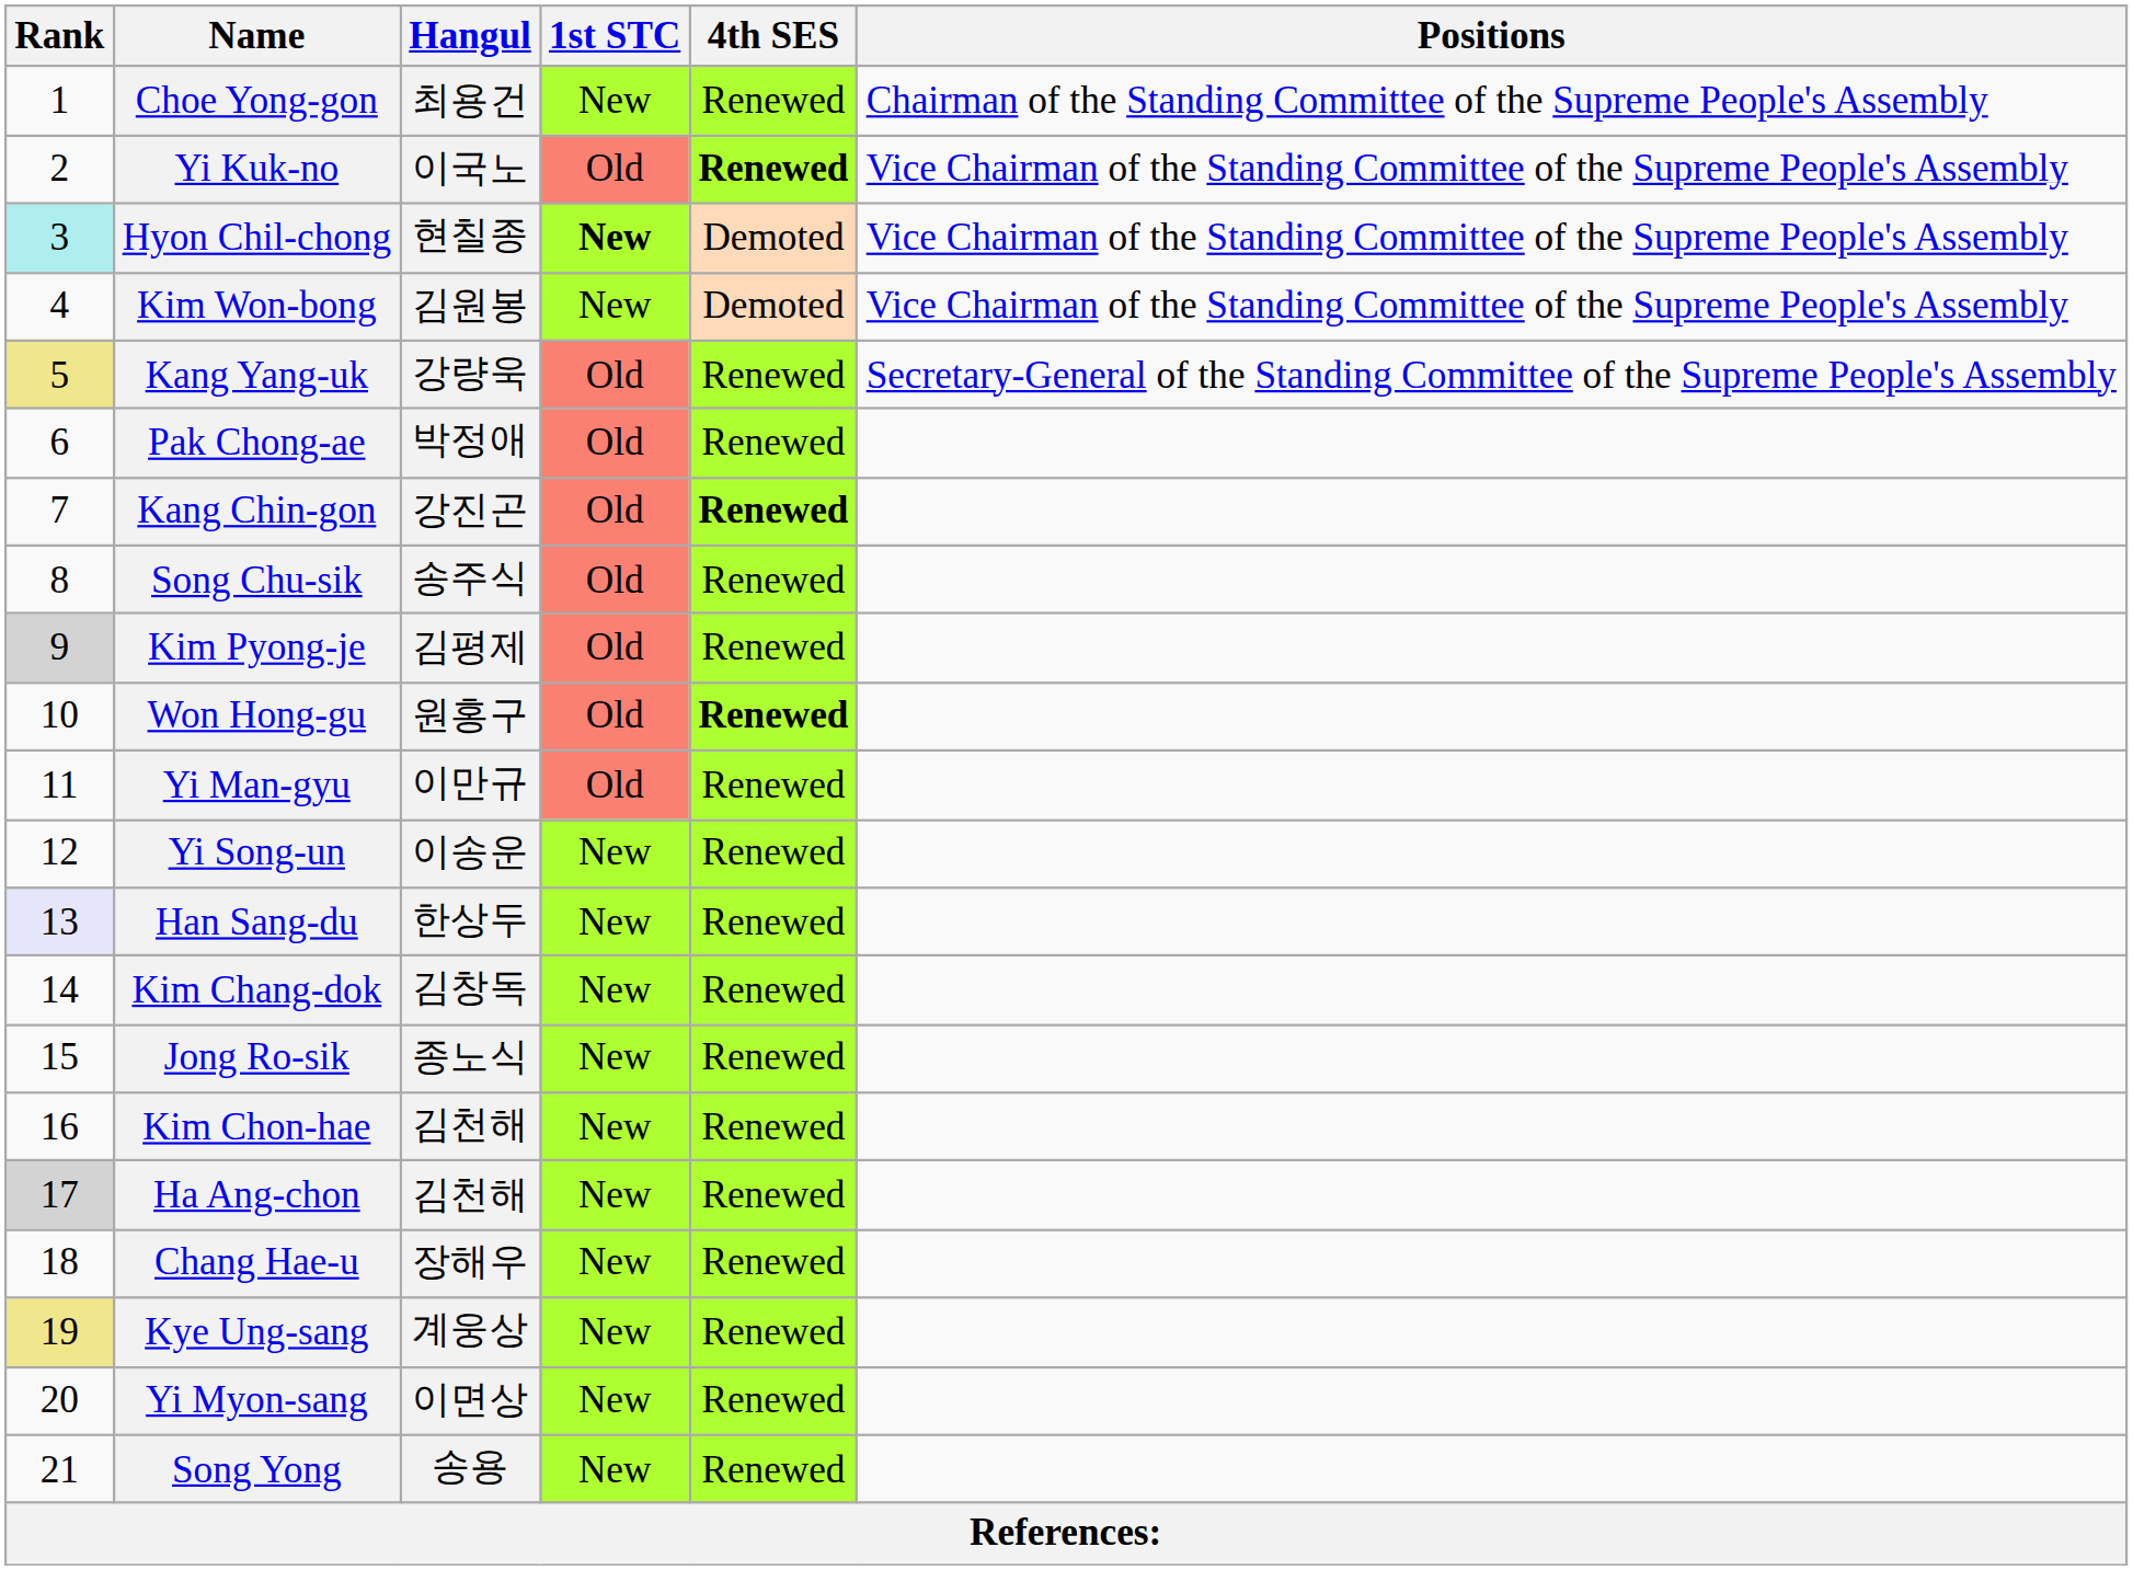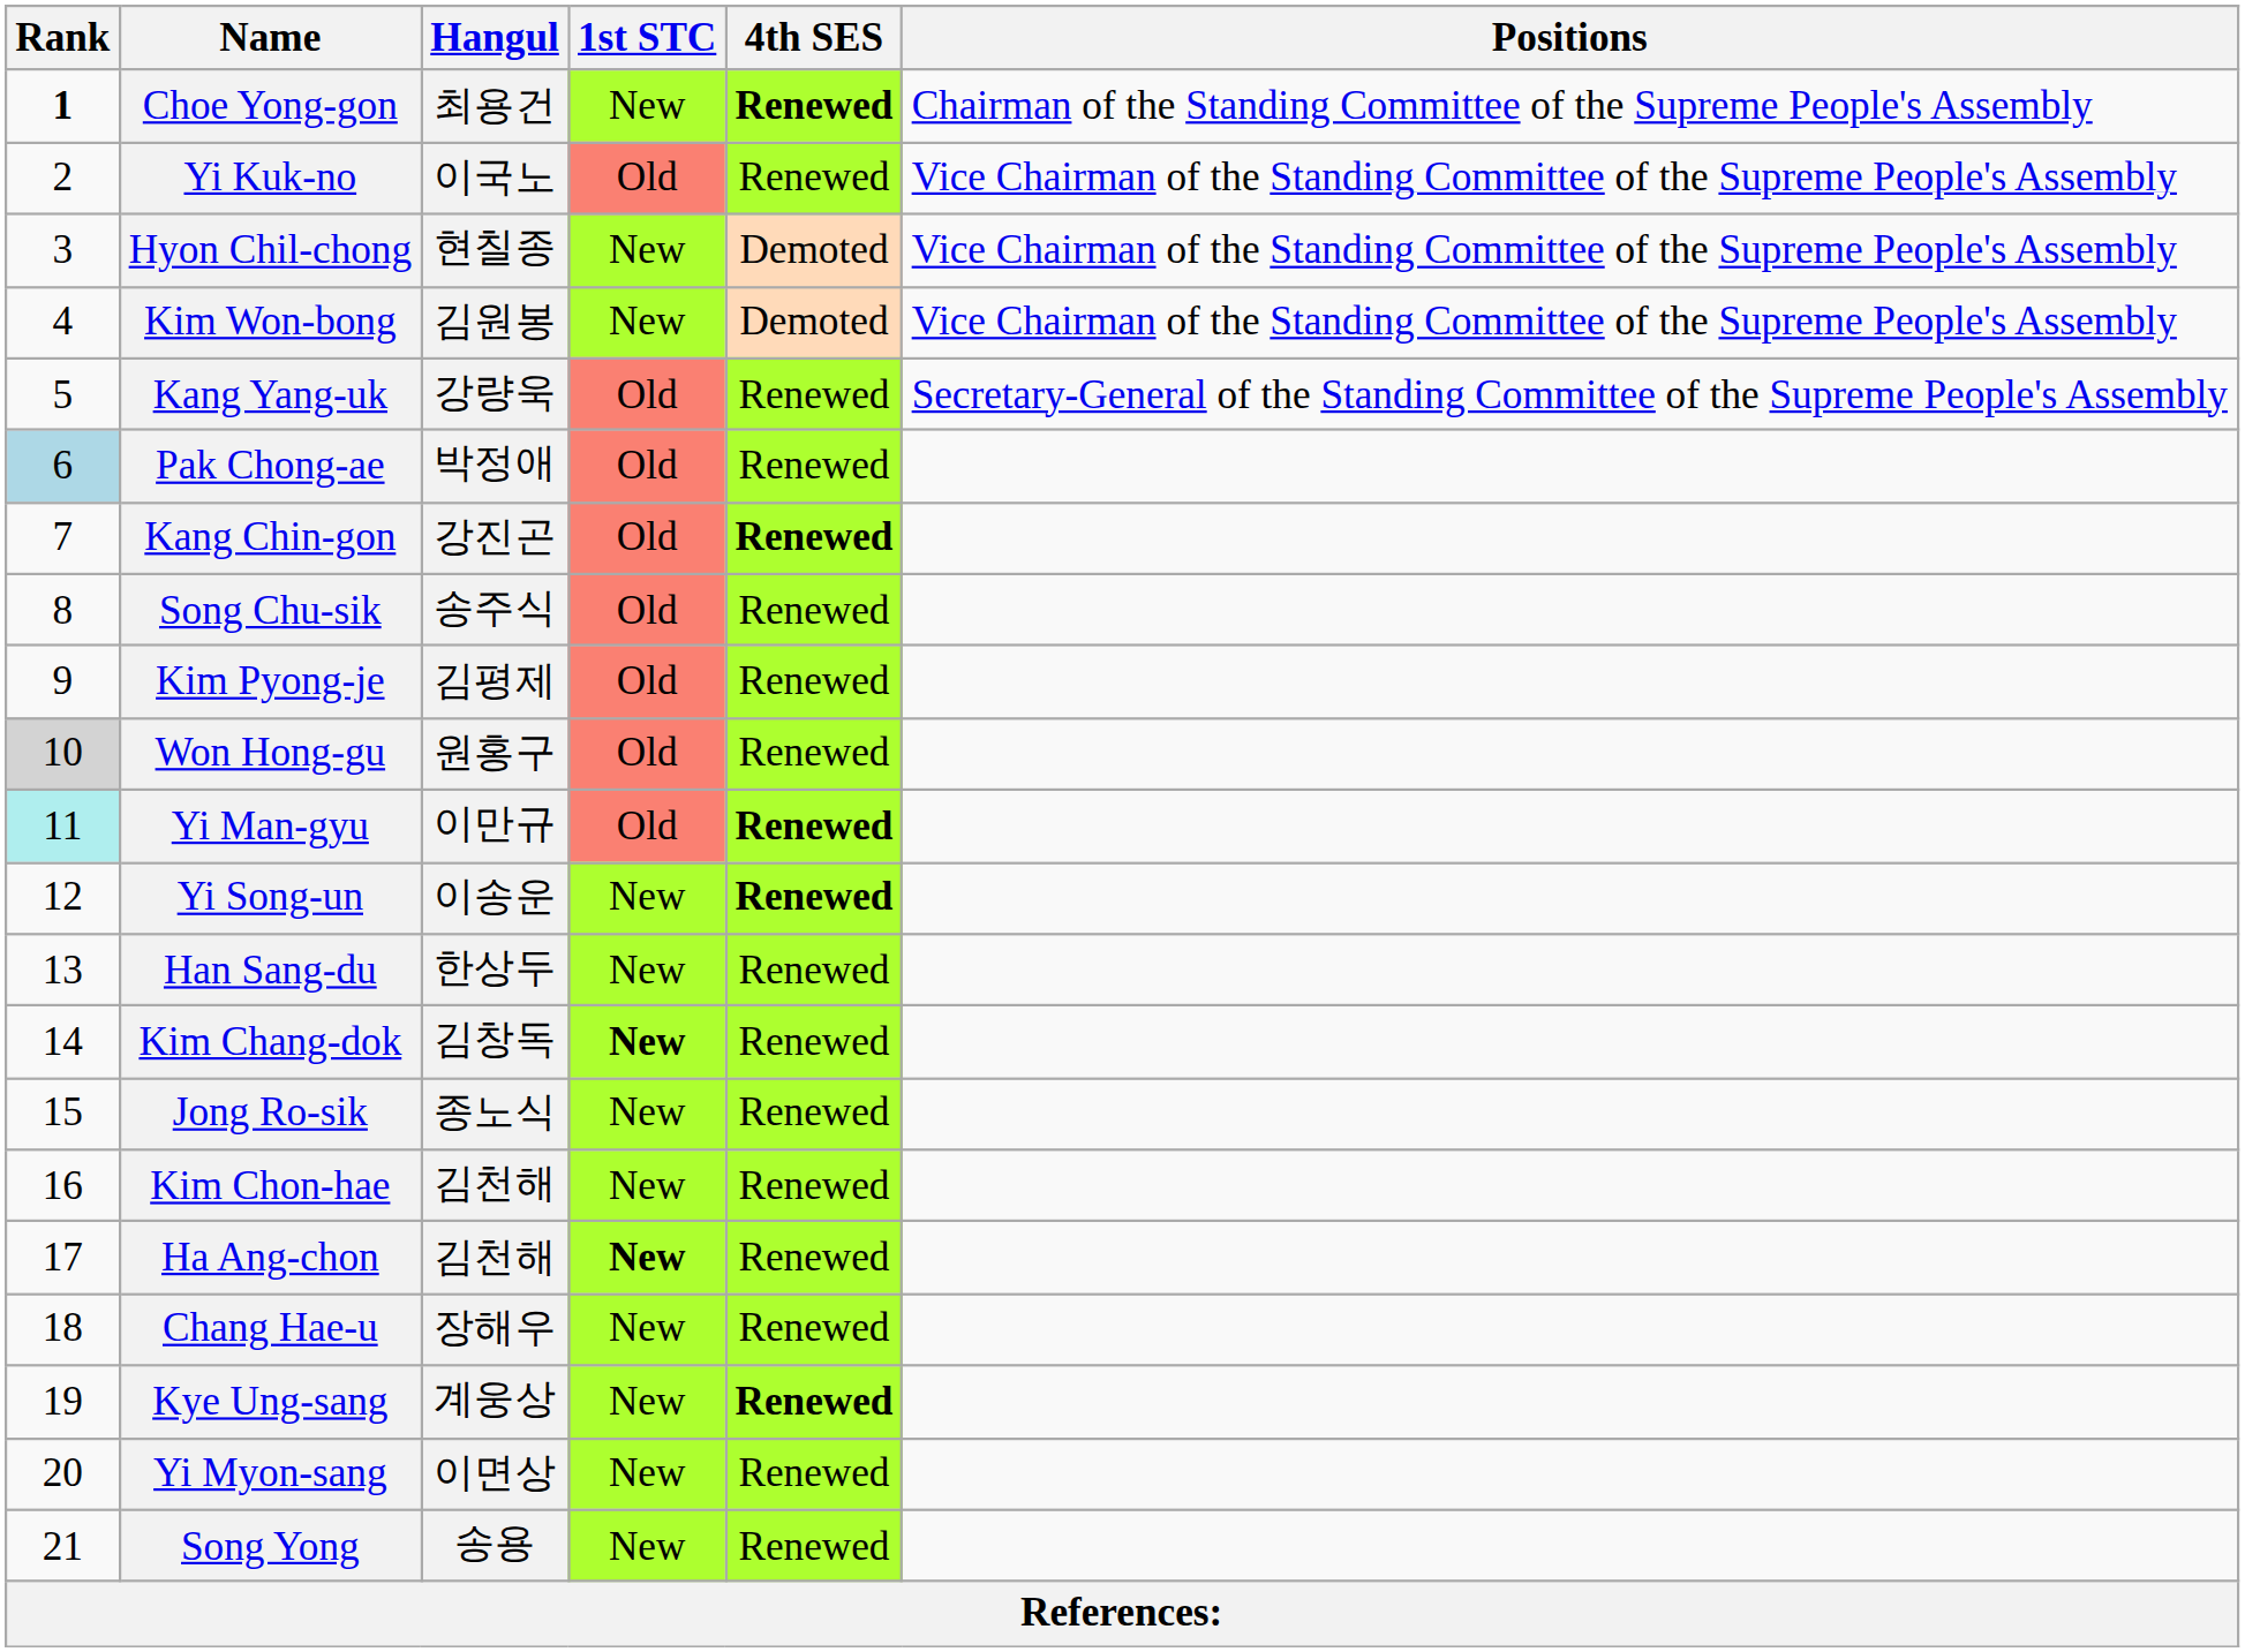 <table class="wikitable sortable">
 <tr>
 <th>Rank</th>
 <th>Name</th>
 <th class="unsortable"><a href='#'>Hangul</a></th>
 <th><a href='#'>1st STC</a></th>
 <th>4th SES</th>
 <th>Positions</th>
 </tr>
 <tr>
-<td align="center">1</td>
+<td align="center"><strong>1</strong></td>
 <th align="center" scope="row" style="font-weight:normal;"><a href='#'>Choe Yong-gon</a></th>
 <th align="center" scope="row" style="font-weight:normal;">최용건</th>
 <td align="center" style="background: GreenYellow">New</td>
-<td align="center" style="background: GreenYellow">Renewed</td>
+<td align="center" style="background: GreenYellow"><strong>Renewed</strong></td>
 <td><a href='#'>Chairman</a> of the <a href='#'>Standing Committee</a> of the <a href='#'>Supreme People's Assembly</a></td>
 </tr>
 <tr>
 <td align="center">2</td>
 <th align="center" scope="row" style="font-weight:normal;"><a href='#'>Yi Kuk-no</a></th>
 <th align="center" scope="row" style="font-weight:normal;">이국노</th>
 <td style="background: Salmon" align="center">Old</td>
-<td align="center" style="background: GreenYellow"><strong>Renewed</strong></td>
+<td align="center" style="background: GreenYellow">Renewed</td>
 <td><a href='#'>Vice Chairman</a> of the <a href='#'>Standing Committee</a> of the <a href='#'>Supreme People's Assembly</a></td>
 </tr>
 <tr>
-<td align="center" style="background: paleturquoise;">3</td>
+<td align="center">3</td>
 <th align="center" scope="row" style="font-weight:normal;"><a href='#'>Hyon Chil-chong</a></th>
 <th align="center" scope="row" style="font-weight:normal;">현칠종</th>
-<td align="center" style="background: GreenYellow"><strong>New</strong></td>
+<td align="center" style="background: GreenYellow">New</td>
 <td style="background: PeachPuff" align="center">Demoted</td>
 <td><a href='#'>Vice Chairman</a> of the <a href='#'>Standing Committee</a> of the <a href='#'>Supreme People's Assembly</a></td>
 </tr>
 <tr>
 <td align="center">4</td>
 <th align="center" scope="row" style="font-weight:normal;"><a href='#'>Kim Won-bong</a></th>
 <th align="center" scope="row" style="font-weight:normal;">김원봉</th>
 <td align="center" style="background: GreenYellow">New</td>
 <td style="background: PeachPuff" align="center">Demoted</td>
 <td><a href='#'>Vice Chairman</a> of the <a href='#'>Standing Committee</a> of the <a href='#'>Supreme People's Assembly</a></td>
 </tr>
 <tr>
-<td align="center" style="background: khaki;">5</td>
+<td align="center">5</td>
 <th align="center" scope="row" style="font-weight:normal;"><a href='#'>Kang Yang-uk</a></th>
 <th align="center" scope="row" style="font-weight:normal;">강량욱</th>
 <td style="background: Salmon" align="center">Old</td>
 <td align="center" style="background: GreenYellow">Renewed</td>
 <td><a href='#'>Secretary-General</a> of the <a href='#'>Standing Committee</a> of the <a href='#'>Supreme People's Assembly</a></td>
 </tr>
 <tr>
-<td align="center">6</td>
+<td align="center" style="background: lightblue;">6</td>
 <th align="center" scope="row" style="font-weight:normal;"><a href='#'>Pak Chong-ae</a></th>
 <th align="center" scope="row" style="font-weight:normal;">박정애</th>
 <td style="background: Salmon" align="center">Old</td>
 <td align="center" style="background: GreenYellow">Renewed</td>
 <td></td>
 </tr>
 <tr>
 <td align="center">7</td>
 <th align="center" scope="row" style="font-weight:normal;"><a href='#'>Kang Chin-gon</a></th>
 <th align="center" scope="row" style="font-weight:normal;">강진곤</th>
 <td style="background: Salmon" align="center">Old</td>
 <td align="center" style="background: GreenYellow"><strong>Renewed</strong></td>
 <td></td>
 </tr>
 <tr>
 <td align="center">8</td>
 <th align="center" scope="row" style="font-weight:normal;"><a href='#'>Song Chu-sik</a></th>
 <th align="center" scope="row" style="font-weight:normal;">송주식</th>
 <td style="background: Salmon" align="center">Old</td>
 <td align="center" style="background: GreenYellow">Renewed</td>
 <td></td>
 </tr>
 <tr>
-<td align="center" style="background: lightgrey;">9</td>
+<td align="center">9</td>
 <th align="center" scope="row" style="font-weight:normal;"><a href='#'>Kim Pyong-je</a></th>
 <th align="center" scope="row" style="font-weight:normal;">김평제</th>
 <td style="background: Salmon" align="center">Old</td>
 <td align="center" style="background: GreenYellow">Renewed</td>
 <td></td>
 </tr>
 <tr>
-<td align="center">10</td>
+<td align="center" style="background: lightgrey;">10</td>
 <th align="center" scope="row" style="font-weight:normal;"><a href='#'>Won Hong-gu</a></th>
 <th align="center" scope="row" style="font-weight:normal;">원홍구</th>
 <td style="background: Salmon" align="center">Old</td>
-<td align="center" style="background: GreenYellow"><strong>Renewed</strong></td>
+<td align="center" style="background: GreenYellow">Renewed</td>
 <td></td>
 </tr>
 <tr>
-<td align="center">11</td>
+<td align="center" style="background: paleturquoise;">11</td>
 <th align="center" scope="row" style="font-weight:normal;"><a href='#'>Yi Man-gyu</a></th>
 <th align="center" scope="row" style="font-weight:normal;">이만규</th>
 <td style="background: Salmon" align="center">Old</td>
-<td align="center" style="background: GreenYellow">Renewed</td>
+<td align="center" style="background: GreenYellow"><strong>Renewed</strong></td>
 <td></td>
 </tr>
 <tr>
 <td align="center">12</td>
 <th align="center" scope="row" style="font-weight:normal;"><a href='#'>Yi Song-un</a></th>
 <th align="center" scope="row" style="font-weight:normal;">이송운</th>
 <td align="center" style="background: GreenYellow">New</td>
-<td align="center" style="background: GreenYellow">Renewed</td>
+<td align="center" style="background: GreenYellow"><strong>Renewed</strong></td>
 <td></td>
 </tr>
 <tr>
-<td align="center" style="background: lavender;">13</td>
+<td align="center">13</td>
 <th align="center" scope="row" style="font-weight:normal;"><a href='#'>Han Sang-du</a></th>
 <th align="center" scope="row" style="font-weight:normal;">한상두</th>
 <td align="center" style="background: GreenYellow">New</td>
 <td align="center" style="background: GreenYellow">Renewed</td>
 <td></td>
 </tr>
 <tr>
 <td align="center">14</td>
 <th align="center" scope="row" style="font-weight:normal;"><a href='#'>Kim Chang-dok</a></th>
 <th align="center" scope="row" style="font-weight:normal;">김창독</th>
-<td align="center" style="background: GreenYellow">New</td>
+<td align="center" style="background: GreenYellow"><strong>New</strong></td>
 <td align="center" style="background: GreenYellow">Renewed</td>
 <td></td>
 </tr>
 <tr>
 <td align="center">15</td>
 <th align="center" scope="row" style="font-weight:normal;"><a href='#'>Jong Ro-sik</a></th>
 <th align="center" scope="row" style="font-weight:normal;">종노식</th>
 <td align="center" style="background: GreenYellow">New</td>
 <td align="center" style="background: GreenYellow">Renewed</td>
 <td></td>
 </tr>
 <tr>
 <td align="center">16</td>
 <th align="center" scope="row" style="font-weight:normal;"><a href='#'>Kim Chon-hae</a></th>
 <th align="center" scope="row" style="font-weight:normal;">김천해</th>
 <td align="center" style="background: GreenYellow">New</td>
 <td align="center" style="background: GreenYellow">Renewed</td>
 <td></td>
 </tr>
 <tr>
-<td align="center" style="background: lightgrey;">17</td>
+<td align="center">17</td>
 <th align="center" scope="row" style="font-weight:normal;"><a href='#'>Ha Ang-chon</a></th>
 <th align="center" scope="row" style="font-weight:normal;">김천해</th>
-<td align="center" style="background: GreenYellow">New</td>
+<td align="center" style="background: GreenYellow"><strong>New</strong></td>
 <td align="center" style="background: GreenYellow">Renewed</td>
 <td></td>
 </tr>
 <tr>
 <td align="center">18</td>
 <th align="center" scope="row" style="font-weight:normal;"><a href='#'>Chang Hae-u</a></th>
 <th align="center" scope="row" style="font-weight:normal;">장해우</th>
 <td align="center" style="background: GreenYellow">New</td>
 <td align="center" style="background: GreenYellow">Renewed</td>
 <td></td>
 </tr>
 <tr>
-<td align="center" style="background: khaki;">19</td>
+<td align="center">19</td>
 <th align="center" scope="row" style="font-weight:normal;"><a href='#'>Kye Ung-sang</a></th>
 <th align="center" scope="row" style="font-weight:normal;">계웅상</th>
 <td align="center" style="background: GreenYellow">New</td>
-<td align="center" style="background: GreenYellow">Renewed</td>
+<td align="center" style="background: GreenYellow"><strong>Renewed</strong></td>
 <td></td>
 </tr>
 <tr>
 <td align="center">20</td>
 <th align="center" scope="row" style="font-weight:normal;"><a href='#'>Yi Myon-sang</a></th>
 <th align="center" scope="row" style="font-weight:normal;">이면상</th>
 <td align="center" style="background: GreenYellow">New</td>
 <td align="center" style="background: GreenYellow">Renewed</td>
 <td></td>
 </tr>
 <tr>
 <td align="center">21</td>
 <th align="center" scope="row" style="font-weight:normal;"><a href='#'>Song Yong</a></th>
 <th align="center" scope="row" style="font-weight:normal;">송용</th>
 <td align="center" style="background: GreenYellow">New</td>
 <td align="center" style="background: GreenYellow">Renewed</td>
 <td></td>
 </tr>
 <tr>
 <th colspan="6" unsortable><strong>References:</strong><br></th>
 </tr>
 </table>
